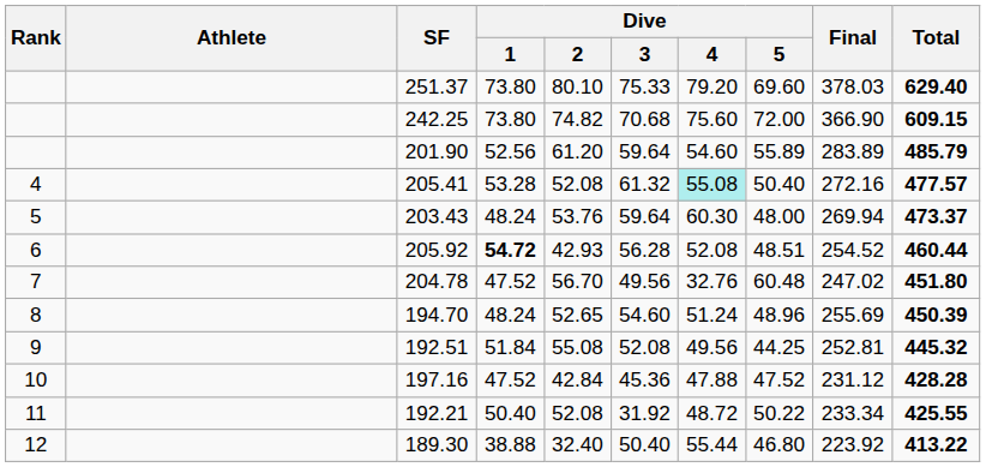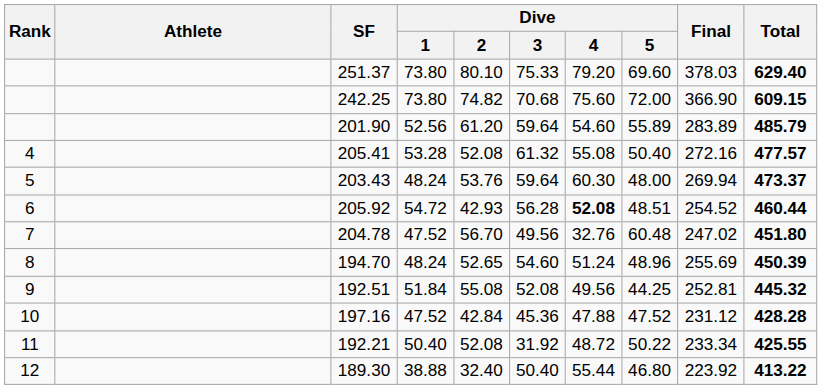 <table class=wikitable style="text-align:center">
 <tr>
 <th rowspan="2" width=40>Rank</th>
 <th rowspan="2" width=250>Athlete</th>
 <th rowspan="2" width=55>SF</th>
 <th colspan="5">Dive</th>
 <th rowspan="2" width=55>Final</th>
 <th rowspan="2" width=60>Total</th>
 </tr>
 <tr>
 <th width=45>1</th>
 <th width=45>2</th>
 <th width=45>3</th>
 <th width=45>4</th>
 <th width=45>5</th>
 </tr>
 <tr>
 <td></td>
 <td align=left></td>
 <td>251.37</td>
 <td>73.80</td>
 <td>80.10</td>
 <td>75.33</td>
 <td>79.20</td>
 <td>69.60</td>
 <td>378.03</td>
 <td><strong>629.40</strong></td>
 </tr>
 <tr>
 <td></td>
 <td align=left></td>
 <td>242.25</td>
 <td>73.80</td>
 <td>74.82</td>
 <td>70.68</td>
 <td>75.60</td>
 <td>72.00</td>
 <td>366.90</td>
 <td><strong>609.15</strong></td>
 </tr>
 <tr>
 <td></td>
 <td align=left></td>
 <td>201.90</td>
 <td>52.56</td>
 <td>61.20</td>
 <td>59.64</td>
 <td>54.60</td>
 <td>55.89</td>
 <td>283.89</td>
 <td><strong>485.79</strong></td>
 </tr>
 <tr>
 <td>4</td>
 <td align=left></td>
 <td>205.41</td>
 <td>53.28</td>
 <td>52.08</td>
 <td>61.32</td>
-<td style="background: paleturquoise;">55.08</td>
+<td>55.08</td>
 <td>50.40</td>
 <td>272.16</td>
 <td><strong>477.57</strong></td>
 </tr>
 <tr>
 <td>5</td>
 <td align=left></td>
 <td>203.43</td>
 <td>48.24</td>
 <td>53.76</td>
 <td>59.64</td>
 <td>60.30</td>
 <td>48.00</td>
 <td>269.94</td>
 <td><strong>473.37</strong></td>
 </tr>
 <tr>
 <td>6</td>
 <td align=left></td>
 <td>205.92</td>
-<td><strong>54.72</strong></td>
+<td>54.72</td>
 <td>42.93</td>
 <td>56.28</td>
-<td>52.08</td>
+<td><strong>52.08</strong></td>
 <td>48.51</td>
 <td>254.52</td>
 <td><strong>460.44</strong></td>
 </tr>
 <tr>
 <td>7</td>
 <td align=left></td>
 <td>204.78</td>
 <td>47.52</td>
 <td>56.70</td>
 <td>49.56</td>
 <td>32.76</td>
 <td>60.48</td>
 <td>247.02</td>
 <td><strong>451.80</strong></td>
 </tr>
 <tr>
 <td>8</td>
 <td align=left></td>
 <td>194.70</td>
 <td>48.24</td>
 <td>52.65</td>
 <td>54.60</td>
 <td>51.24</td>
 <td>48.96</td>
 <td>255.69</td>
 <td><strong>450.39</strong></td>
 </tr>
 <tr>
 <td>9</td>
 <td align=left></td>
 <td>192.51</td>
 <td>51.84</td>
 <td>55.08</td>
 <td>52.08</td>
 <td>49.56</td>
 <td>44.25</td>
 <td>252.81</td>
 <td><strong>445.32</strong></td>
 </tr>
 <tr>
 <td>10</td>
 <td align=left></td>
 <td>197.16</td>
 <td>47.52</td>
 <td>42.84</td>
 <td>45.36</td>
 <td>47.88</td>
 <td>47.52</td>
 <td>231.12</td>
 <td><strong>428.28</strong></td>
 </tr>
 <tr>
 <td>11</td>
 <td align=left></td>
 <td>192.21</td>
 <td>50.40</td>
 <td>52.08</td>
 <td>31.92</td>
 <td>48.72</td>
 <td>50.22</td>
 <td>233.34</td>
 <td><strong>425.55</strong></td>
 </tr>
 <tr>
 <td>12</td>
 <td align=left></td>
 <td>189.30</td>
 <td>38.88</td>
 <td>32.40</td>
 <td>50.40</td>
 <td>55.44</td>
 <td>46.80</td>
 <td>223.92</td>
 <td><strong>413.22</strong></td>
 </tr>
 </table>
